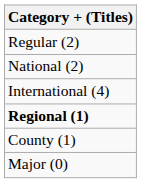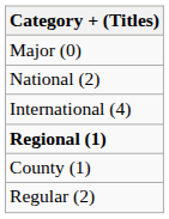 <table class="wikitable" style="display:inline-table;">
 <tr style="background:#ffc;">
 <th>Category + (Titles)</th>
 </tr>
 <tr>
-<td>Regular (2)</td>
+<td>Major (0)</td>
 </tr>
 <tr>
 <td>National (2)</td>
 </tr>
 <tr>
 <td>International (4)</td>
 </tr>
 <tr>
 <td><strong>Regional (1)</strong></td>
 </tr>
 <tr>
 <td>County (1)</td>
 </tr>
 <tr>
-<td>Major (0)</td>
+<td>Regular (2)</td>
 </tr>
 </table>
